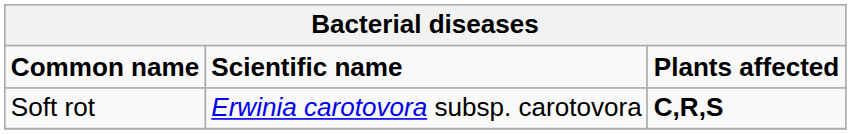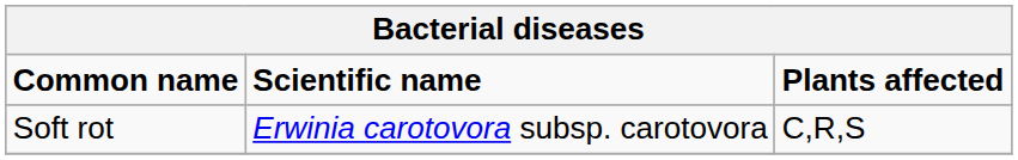 <table class="wikitable" style="clear">
 <tr>
 <th colspan=3><strong>Bacterial diseases</strong><br></th>
 </tr>
 <tr>
 <td><strong>Common name</strong></td>
 <td><strong>Scientific name</strong></td>
 <td><strong>Plants affected</strong></td>
 </tr>
 <tr>
 <td>Soft rot</td>
 <td><em><a href='#'>Erwinia carotovora</a></em> subsp. carotovora</td>
-<td><strong>C,R,S</strong></td>
+<td>C,R,S</td>
 </tr>
 <tr>
 </tr>
 </table>
